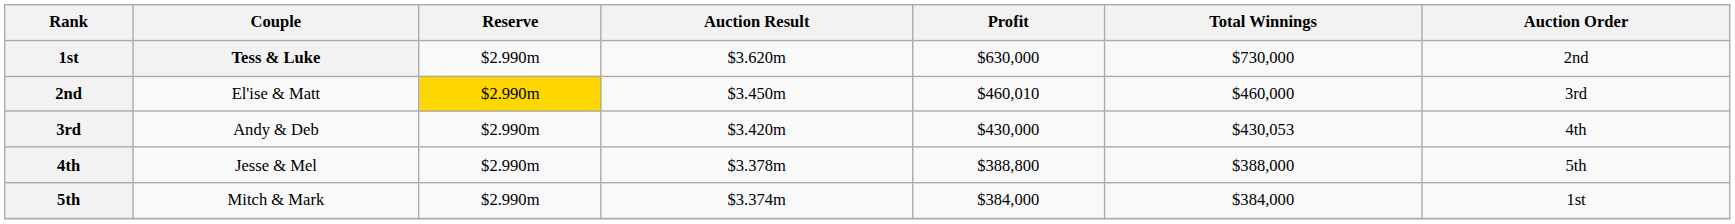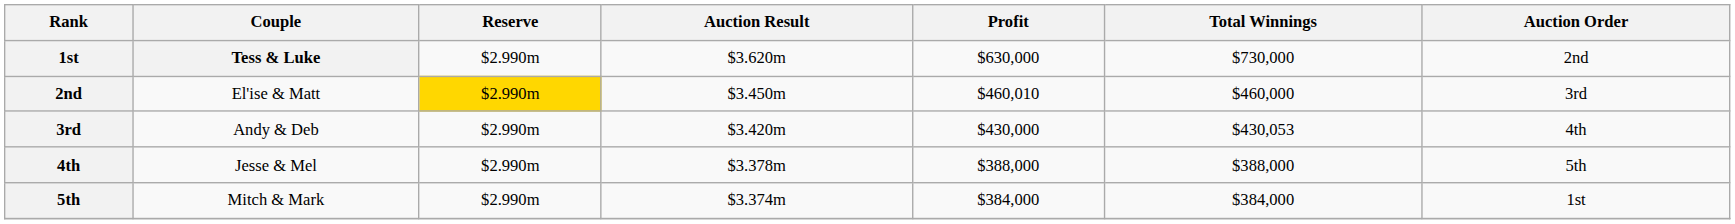 <table class="wikitable sortable" style="text-align: center; font-size: 9pt; line-height:20px; width:99%">
 <tr>
 <th>Rank</th>
 <th>Couple</th>
 <th>Reserve</th>
 <th>Auction Result</th>
 <th>Profit</th>
 <th>Total Winnings</th>
 <th>Auction Order</th>
 </tr>
 <tr>
 <th>1st</th>
 <th>Tess & Luke</th>
 <td>$2.990m</td>
 <td>$3.620m</td>
 <td>$630,000</td>
 <td>$730,000</td>
 <td>2nd</td>
 </tr>
 <tr>
 <th>2nd</th>
 <td>El'ise & Matt</td>
 <td style="background: gold;">$2.990m</td>
 <td>$3.450m</td>
 <td>$460,010</td>
 <td>$460,000</td>
 <td>3rd</td>
 </tr>
 <tr>
 <th>3rd</th>
 <td>Andy & Deb</td>
 <td>$2.990m</td>
 <td>$3.420m</td>
 <td>$430,000</td>
 <td>$430,053</td>
 <td>4th</td>
 </tr>
 <tr>
 <th>4th</th>
 <td>Jesse & Mel</td>
 <td>$2.990m</td>
 <td>$3.378m</td>
-<td>$388,800</td>
+<td>$388,000</td>
 <td>$388,000</td>
 <td>5th</td>
 </tr>
 <tr>
 <th>5th</th>
 <td>Mitch & Mark</td>
 <td>$2.990m</td>
 <td>$3.374m</td>
 <td>$384,000</td>
 <td>$384,000</td>
 <td>1st</td>
 </tr>
 <tr>
 </tr>
 </table>
